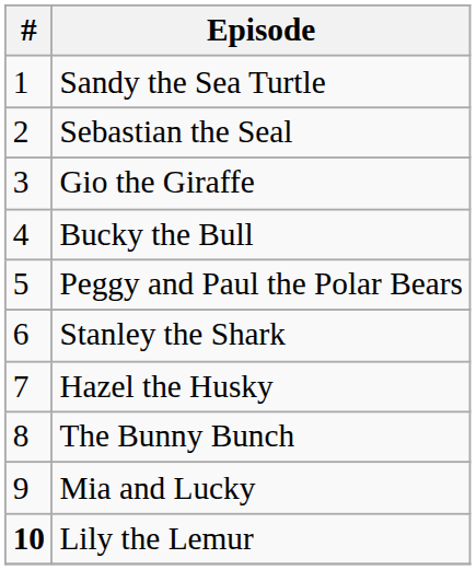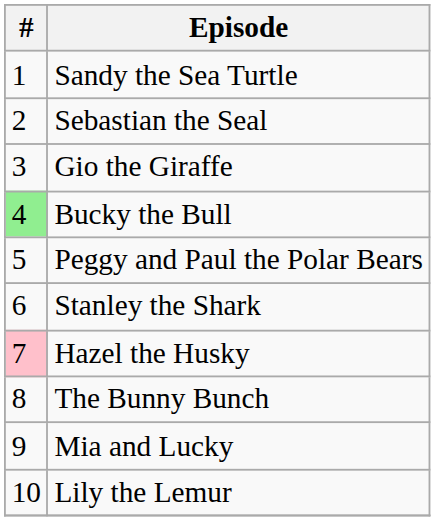 <table class="wikitable sortable">
 <tr>
 <th>#</th>
 <th>Episode</th>
 </tr>
 <tr>
 <td>1</td>
 <td>Sandy the Sea Turtle</td>
 </tr>
 <tr>
 <td>2</td>
 <td>Sebastian the Seal</td>
 </tr>
 <tr>
 <td>3</td>
 <td>Gio the Giraffe</td>
 </tr>
 <tr>
-<td>4</td>
+<td style="background: lightgreen;">4</td>
 <td>Bucky the Bull</td>
 </tr>
 <tr>
 <td>5</td>
 <td>Peggy and Paul the Polar Bears</td>
 </tr>
 <tr>
 <td>6</td>
 <td>Stanley the Shark</td>
 </tr>
 <tr>
-<td>7</td>
+<td style="background: pink;">7</td>
 <td>Hazel the Husky</td>
 </tr>
 <tr>
 <td>8</td>
 <td>The Bunny Bunch</td>
 </tr>
 <tr>
 <td>9</td>
 <td>Mia and Lucky</td>
 </tr>
 <tr>
-<td><strong>10</strong></td>
+<td>10</td>
 <td>Lily the Lemur</td>
 </tr>
 <tr>
 </tr>
 </table>
